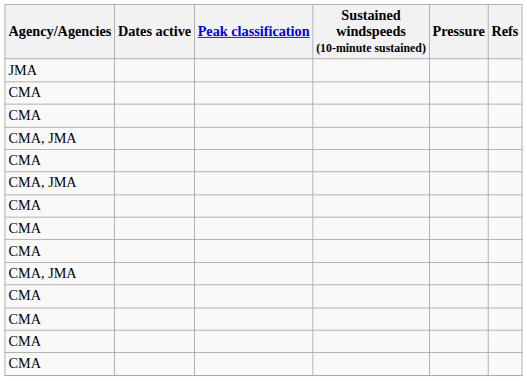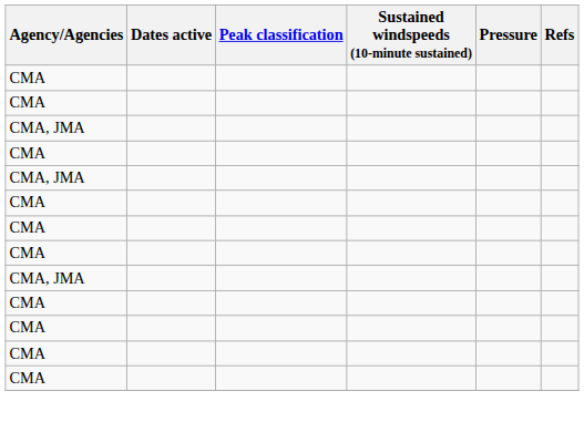 <table class="wikitable sortable plainrowheaders" style="margin:auto">
 <tr>
 <th scope="col">Agency/Agencies</th>
 <th scope="col">Dates active</th>
 <th scope="col"><a href='#'>Peak classification</a></th>
 <th scope="col">Sustained<br>windspeeds<br><small>(10-minute sustained)</small></th>
 <th scope="col">Pressure</th>
 <th scope="col" class="unsortable">Refs</th>
-</tr>
-<tr>
-<td>JMA</td>
-<td></td>
-<td></td>
-<td></td>
-<td></td>
-<td></td>
 </tr>
 <tr>
 <td>CMA</td>
 <td></td>
 <td></td>
 <td></td>
 <td></td>
 <td></td>
 </tr>
 <tr>
 <td>CMA</td>
 <td></td>
 <td></td>
 <td></td>
 <td></td>
 <td></td>
 </tr>
 <tr>
 <td>CMA, JMA</td>
 <td></td>
 <td></td>
 <td></td>
 <td></td>
 <td></td>
 </tr>
 <tr>
 <td>CMA</td>
 <td></td>
 <td></td>
 <td></td>
 <td></td>
 <td></td>
 </tr>
 <tr>
 <td>CMA, JMA</td>
 <td></td>
 <td></td>
 <td></td>
 <td></td>
 <td></td>
 </tr>
 <tr>
 <td>CMA</td>
 <td></td>
 <td></td>
 <td></td>
 <td></td>
 <td></td>
 </tr>
 <tr>
 <td>CMA</td>
 <td></td>
 <td></td>
 <td></td>
 <td></td>
 <td></td>
 </tr>
 <tr>
 <td>CMA</td>
 <td></td>
 <td></td>
 <td></td>
 <td></td>
 <td></td>
 </tr>
 <tr>
 <td>CMA, JMA</td>
 <td></td>
 <td></td>
 <td></td>
 <td></td>
 <td></td>
 </tr>
 <tr>
 <td>CMA</td>
 <td></td>
 <td></td>
 <td></td>
 <td></td>
 <td></td>
 </tr>
 <tr>
 <td>CMA</td>
 <td></td>
 <td></td>
 <td></td>
 <td></td>
 <td></td>
 </tr>
 <tr>
 <td>CMA</td>
 <td></td>
 <td></td>
 <td></td>
 <td></td>
 <td></td>
 </tr>
 <tr>
 <td>CMA</td>
 <td></td>
 <td></td>
 <td></td>
 <td></td>
 <td></td>
 </tr>
 <tr>
 </tr>
 </table>
